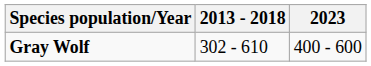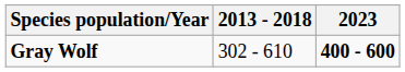 <table class="wikitable" style="margin-left: auto; margin-right: auto; border: none;">
 <tr>
 <th>Species population/Year</th>
 <th>2013 - 2018</th>
 <th>2023</th>
 </tr>
 <tr>
 <td><strong>Gray Wolf</strong></td>
 <td>302 - 610</td>
-<td>400 - 600</td>
+<td><strong>400 - 600</strong></td>
 </tr>
 <tr>
 </tr>
 </table>
